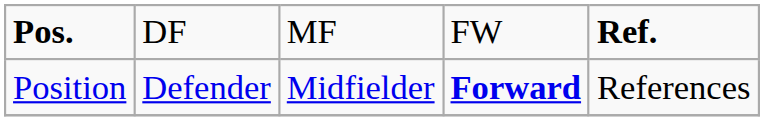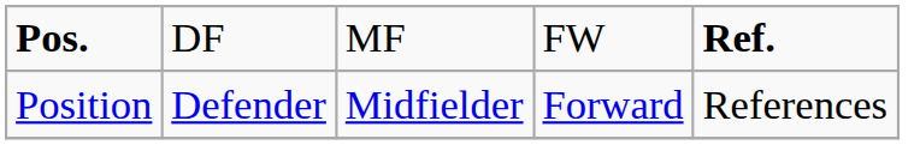 <table class="wikitable">
 <tr>
 <td><strong>Pos.</strong></td>
 <td>DF</td>
 <td>MF</td>
 <td>FW</td>
 <td><strong>Ref.</strong></td>
 </tr>
 <tr>
 <td><a href='#'>Position</a></td>
 <td><a href='#'>Defender</a></td>
 <td><a href='#'>Midfielder</a></td>
-<td><strong><a href='#'>Forward</a></strong></td>
+<td><a href='#'>Forward</a></td>
 <td>References</td>
 </tr>
 <tr>
 </tr>
 </table>
